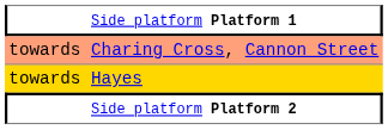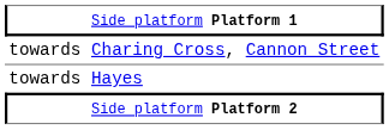 <table table border=0 cellspacing=0 cellpadding=3>
 <tr>
 <td style="border-top:solid 1px gray;border-right:solid 2px black;border-left:solid 2px black;border-bottom:solid 2px black;text-align:center;" colspan=2><small><a href='#'>Side platform</a> <strong>Platform 1</strong></small></td>
 </tr>
 <tr>
-<td style="background: lightsalmon; border-bottom:solid 1px gray;"><strong></strong> towards <a href='#'>Charing Cross</a>, <a href='#'>Cannon Street</a></td>
+<td style="border-bottom:solid 1px gray;"><strong></strong> towards <a href='#'>Charing Cross</a>, <a href='#'>Cannon Street</a></td>
 </tr>
 <tr>
-<td style="background: gold;"><strong></strong> towards <a href='#'>Hayes</a></td>
+<td><strong></strong> towards <a href='#'>Hayes</a></td>
 </tr>
 <tr>
 <td style="border-top:solid 2px black;border-right:solid 2px black;border-left:solid 2px black;border-bottom:solid 1px gray;text-align:center;" colspan=2><small><a href='#'>Side platform</a> <strong>Platform 2</strong></small></td>
 </tr>
 <tr>
 </tr>
 </table>
